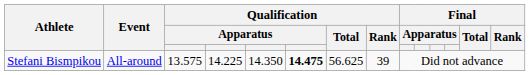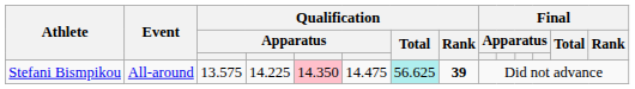 <table class="wikitable" style="font-size:90%">
 <tr>
 <th rowspan=3>Athlete</th>
 <th rowspan=3>Event</th>
 <th colspan =6>Qualification</th>
 <th colspan =6>Final</th>
 </tr>
 <tr style="font-size:95%">
 <th colspan=4>Apparatus</th>
 <th rowspan=2>Total</th>
 <th rowspan=2>Rank</th>
 <th colspan=4>Apparatus</th>
 <th rowspan=2>Total</th>
 <th rowspan=2>Rank</th>
 </tr>
 <tr style="font-size:95%">
 <th></th>
 <th></th>
 <th></th>
 <th></th>
 <th></th>
 <th></th>
 <th></th>
 <th></th>
 </tr>
 <tr align=center>
 <td align=left><a href='#'>Stefani Bismpikou</a></td>
 <td align=left><a href='#'>All-around</a></td>
 <td>13.575</td>
 <td>14.225</td>
-<td>14.350</td>
-<td><strong>14.475</strong></td>
-<td>56.625</td>
-<td>39</td>
+<td style="background: pink;">14.350</td>
+<td>14.475</td>
+<td style="background: paleturquoise;">56.625</td>
+<td><strong>39</strong></td>
 <td colspan=6>Did not advance</td>
 </tr>
 </table>
